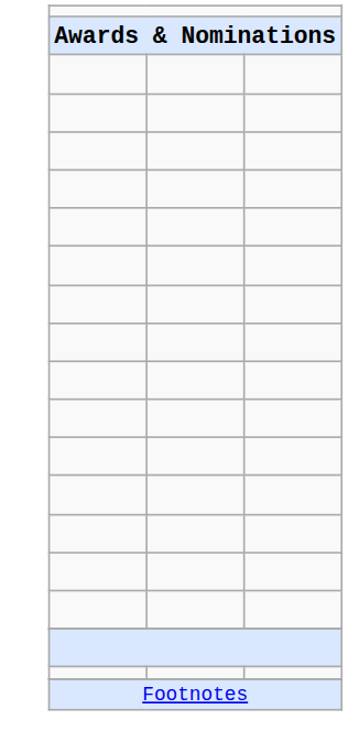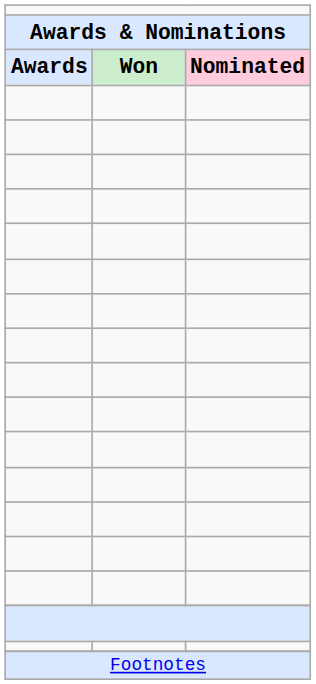 <table class="wikitable sortable mw-collapsible infobox">
 <tr>
 <td colspan="3" style="text-align:center;"></td>
 </tr>
 <tr>
 <th colspan="3" style="background-color: #D9E8FF; text-align: center;">Awards & Nominations</th>
+</tr>
+<tr style="background:#d9e8ff; text-align:center;">
+<td><strong>Awards</strong></td>
+<td style="background:#cec; text-size:0.9em; width:50px;"><strong>Won</strong></td>
+<td style="background:#fcd; text-size:0.9em; width:50px;"><strong>Nominated</strong></td>
 </tr>
 <tr>
 <td style="text-align:center;"><br></td>
 <td></td>
 <td></td>
 </tr>
 <tr>
 <td style="text-align:center;"><br></td>
 <td></td>
 <td></td>
 </tr>
 <tr>
 <td style="text-align:center;"><br></td>
 <td></td>
 <td></td>
 </tr>
 <tr>
 <td style="text-align:center;"><br></td>
 <td></td>
 <td></td>
 </tr>
 <tr>
 <td style="text-align:center;"><br></td>
 <td></td>
 <td></td>
 </tr>
 <tr>
 <td style="text-align:center;"><br></td>
 <td></td>
 <td></td>
 </tr>
 <tr>
 <td style="text-align:center;"><br></td>
 <td></td>
 <td></td>
 </tr>
 <tr>
 <td style="text-align:center;"><br></td>
 <td></td>
 <td></td>
 </tr>
 <tr>
 <td style="text-align:center;"><br></td>
 <td></td>
 <td></td>
 </tr>
 <tr>
 <td style="text-align:center;"><br></td>
 <td></td>
 <td></td>
 </tr>
 <tr>
 <td style="text-align:center;"><br></td>
 <td></td>
 <td></td>
 </tr>
 <tr>
 <td style="text-align:center;"><br></td>
 <td></td>
 <td></td>
 </tr>
 <tr>
 <td style="text-align:center;"><br></td>
 <td></td>
 <td></td>
 </tr>
 <tr>
 <td style="text-align:center;"><br></td>
 <td></td>
 <td></td>
 </tr>
 <tr>
 <td style="text-align:center;"><br></td>
 <td></td>
 <td></td>
 </tr>
 <tr>
 </tr>
 <tr style="background:#d9e8ff;">
 <td style="text-align:center;" colspan="3"><br></td>
 </tr>
 <tr>
 <td></td>
 <td></td>
 <td></td>
 </tr>
 <tr>
 </tr>
 <tr style="background:#d9e8ff;">
 <td colspan="3" style="font-size: smaller; text-align:center;"><a href='#'>Footnotes</a></td>
 </tr>
 </table>
